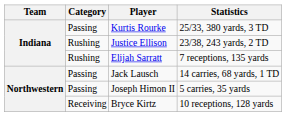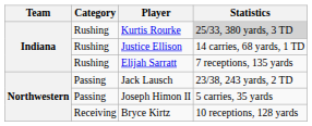 <table class="wikitable" style="float:right">
 <tr>
 <th>Team</th>
 <th>Category</th>
 <th>Player</th>
 <th>Statistics</th>
 </tr>
 <tr>
 <th rowspan=3>Indiana</th>
-<td>Passing</td>
+<td>Rushing</td>
 <td><a href='#'>Kurtis Rourke</a></td>
-<td>25/33, 380 yards, 3 TD</td>
+<td style="background: lightgrey;">25/33, 380 yards, 3 TD</td>
 </tr>
 <tr>
 <td>Rushing</td>
 <td><a href='#'>Justice Ellison</a></td>
-<td>23/38, 243 yards, 2 TD</td>
+<td>14 carries, 68 yards, 1 TD</td>
 </tr>
 <tr>
 <td>Rushing</td>
 <td><a href='#'>Elijah Sarratt</a></td>
 <td>7 receptions, 135 yards</td>
 </tr>
 <tr>
 <th rowspan=3>Northwestern</th>
 <td>Passing</td>
 <td>Jack Lausch</td>
-<td>14 carries, 68 yards, 1 TD</td>
+<td>23/38, 243 yards, 2 TD</td>
 </tr>
 <tr>
 <td>Passing</td>
 <td>Joseph Himon II</td>
 <td>5 carries, 35 yards</td>
 </tr>
 <tr>
 <td>Receiving</td>
 <td>Bryce Kirtz</td>
 <td>10 receptions, 128 yards</td>
 </tr>
 </table>
